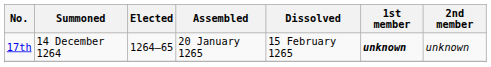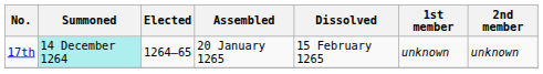 <table class="wikitable">
 <tr>
 <th>No.</th>
 <th>Summoned</th>
 <th>Elected</th>
 <th>Assembled</th>
 <th>Dissolved</th>
 <th>1st member</th>
 <th>2nd member</th>
 </tr>
 <tr>
 <td><a href='#'>17th</a></td>
-<td>14 December 1264</td>
+<td style="background: paleturquoise;">14 December 1264</td>
 <td>1264–65</td>
 <td>20 January 1265</td>
 <td>15 February 1265</td>
-<td><strong><em>unknown</em></strong></td>
+<td><em>unknown</em></td>
 <td><em>unknown</em></td>
 </tr>
 <tr>
 </tr>
 <tr>
 </tr>
 </table>
